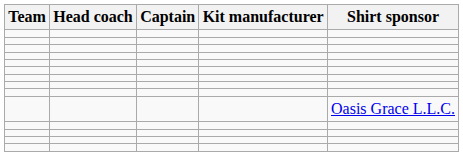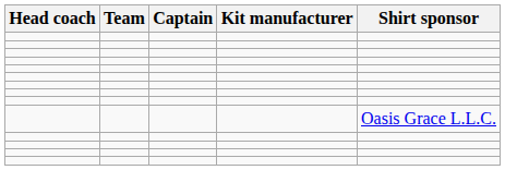 <table class="wikitable sortable" style="text-align: left;">
 <tr>
+<th>Head coach</th>
 <th>Team</th>
-<th>Head coach</th>
 <th>Captain</th>
 <th>Kit manufacturer</th>
 <th>Shirt sponsor</th>
 </tr>
 <tr>
+<td> </td>
 <td></td>
-<td> </td>
 <td> </td>
 <td></td>
 <td></td>
 </tr>
 <tr>
+<td> </td>
 <td></td>
-<td> </td>
 <td> </td>
 <td></td>
 <td></td>
 </tr>
 <tr>
+<td> </td>
 <td></td>
-<td> </td>
 <td> </td>
 <td></td>
 <td></td>
 </tr>
 <tr>
+<td> </td>
 <td></td>
-<td> </td>
 <td> </td>
 <td></td>
 <td></td>
 </tr>
 <tr>
+<td> </td>
 <td></td>
-<td> </td>
 <td> </td>
 <td></td>
 <td></td>
 </tr>
 <tr>
+<td> </td>
 <td></td>
-<td> </td>
 <td> </td>
 <td></td>
 <td></td>
 </tr>
 <tr>
+<td> </td>
 <td></td>
-<td> </td>
 <td> </td>
 <td></td>
 <td></td>
 </tr>
 <tr>
+<td> </td>
 <td></td>
-<td> </td>
 <td> </td>
 <td></td>
 <td></td>
 </tr>
 <tr>
+<td> </td>
 <td></td>
-<td> </td>
 <td> </td>
 <td></td>
 <td></td>
 </tr>
 <tr>
+<td> </td>
 <td></td>
-<td> </td>
 <td> </td>
 <td></td>
 <td><a href='#'>Oasis Grace L.L.C.</a></td>
 </tr>
 <tr>
+<td> </td>
 <td></td>
-<td> </td>
 <td> </td>
 <td></td>
 <td></td>
 </tr>
 <tr>
+<td> </td>
 <td></td>
-<td> </td>
 <td> </td>
 <td></td>
 <td></td>
 </tr>
 <tr>
+<td> </td>
 <td></td>
-<td> </td>
 <td> </td>
 <td></td>
 <td></td>
 </tr>
 <tr>
+<td> </td>
 <td></td>
-<td> </td>
 <td> </td>
 <td></td>
 <td></td>
 </tr>
 </table>
